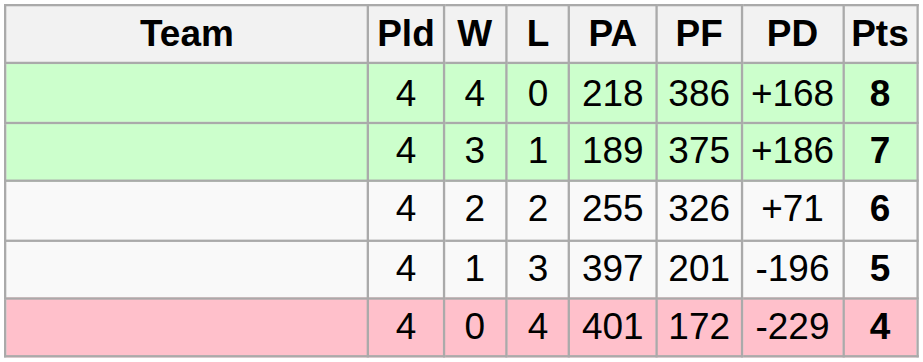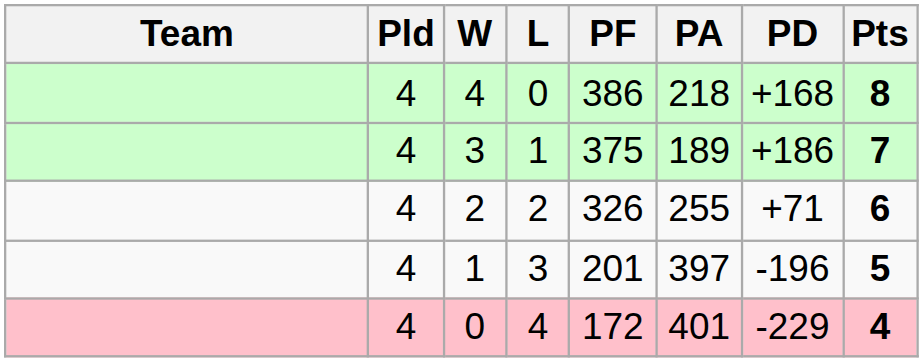 <table class="wikitable" style="text-align:center;">
 <tr>
 <th width=150>Team</th>
 <th width=20>Pld</th>
 <th width=20>W</th>
 <th width=20>L</th>
+<th width=30>PF</th>
 <th width=30>PA</th>
-<th width=30>PF</th>
 <th width=30>PD</th>
 <th width=20>Pts</th>
 </tr>
 <tr bgcolor="#ccffcc">
 <td align="left"></td>
 <td>4</td>
 <td>4</td>
 <td>0</td>
+<td>386</td>
 <td>218</td>
-<td>386</td>
 <td>+168</td>
 <td><strong>8</strong></td>
 </tr>
 <tr bgcolor="#ccffcc">
 <td align="left"></td>
 <td>4</td>
 <td>3</td>
 <td>1</td>
+<td>375</td>
 <td>189</td>
-<td>375</td>
 <td>+186</td>
 <td><strong>7</strong></td>
 </tr>
 <tr>
 <td align="left"></td>
 <td>4</td>
 <td>2</td>
 <td>2</td>
+<td>326</td>
 <td>255</td>
-<td>326</td>
 <td>+71</td>
 <td><strong>6</strong></td>
 </tr>
 <tr>
 <td align="left"></td>
 <td>4</td>
 <td>1</td>
 <td>3</td>
+<td>201</td>
 <td>397</td>
-<td>201</td>
 <td>-196</td>
 <td><strong>5</strong></td>
 </tr>
 <tr bgcolor=pink>
 <td align="left"></td>
 <td>4</td>
 <td>0</td>
 <td>4</td>
+<td>172</td>
 <td>401</td>
-<td>172</td>
 <td>-229</td>
 <td><strong>4</strong></td>
 </tr>
 </table>
